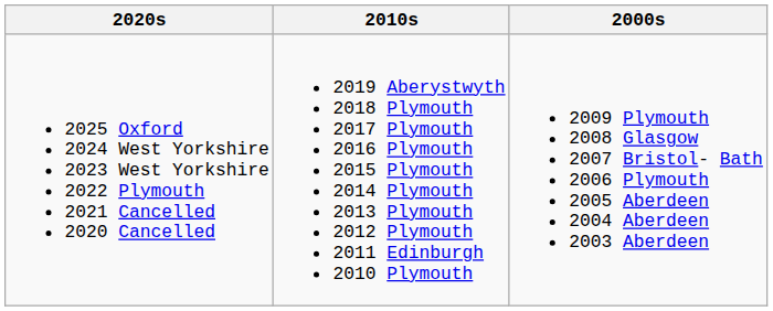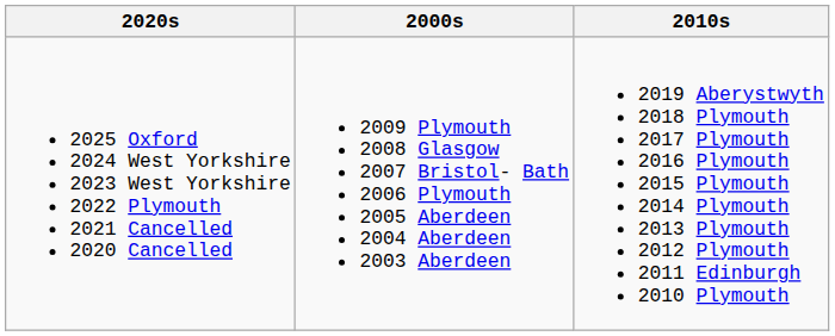 <table class="wikitable">
 <tr>
 <th>2020s</th>
+<th>2000s</th>
 <th>2010s</th>
-<th>2000s</th>
 </tr>
 <tr>
 <td><br><ul><li>2025	<a href='#'>Oxford</a></li><li>2024	West Yorkshire</li><li>2023	West Yorkshire</li><li>2022	<a href='#'>Plymouth</a></li><li>2021	<a href='#'>Cancelled</a></li><li>2020	<a href='#'>Cancelled</a></li></ul></td>
+<td><br><ul><li>2009	<a href='#'>Plymouth</a></li><li>2008	<a href='#'>Glasgow</a></li><li>2007	<a href='#'>Bristol</a>- <a href='#'>Bath</a></li><li>2006	<a href='#'>Plymouth</a></li><li>2005	<a href='#'>Aberdeen</a></li><li>2004	<a href='#'>Aberdeen</a></li><li>2003	<a href='#'>Aberdeen</a></li></ul></td>
 <td><br><ul><li>2019	<a href='#'>Aberystwyth</a></li><li>2018	<a href='#'>Plymouth</a></li><li>2017	<a href='#'>Plymouth</a></li><li>2016	<a href='#'>Plymouth</a></li><li>2015	<a href='#'>Plymouth</a></li><li>2014	<a href='#'>Plymouth</a></li><li>2013	<a href='#'>Plymouth</a></li><li>2012	<a href='#'>Plymouth</a></li><li>2011	<a href='#'>Edinburgh</a></li><li>2010	<a href='#'>Plymouth</a></li></ul></td>
-<td><br><ul><li>2009	<a href='#'>Plymouth</a></li><li>2008	<a href='#'>Glasgow</a></li><li>2007	<a href='#'>Bristol</a>- <a href='#'>Bath</a></li><li>2006	<a href='#'>Plymouth</a></li><li>2005	<a href='#'>Aberdeen</a></li><li>2004	<a href='#'>Aberdeen</a></li><li>2003	<a href='#'>Aberdeen</a></li></ul></td>
 </tr>
 </table>
